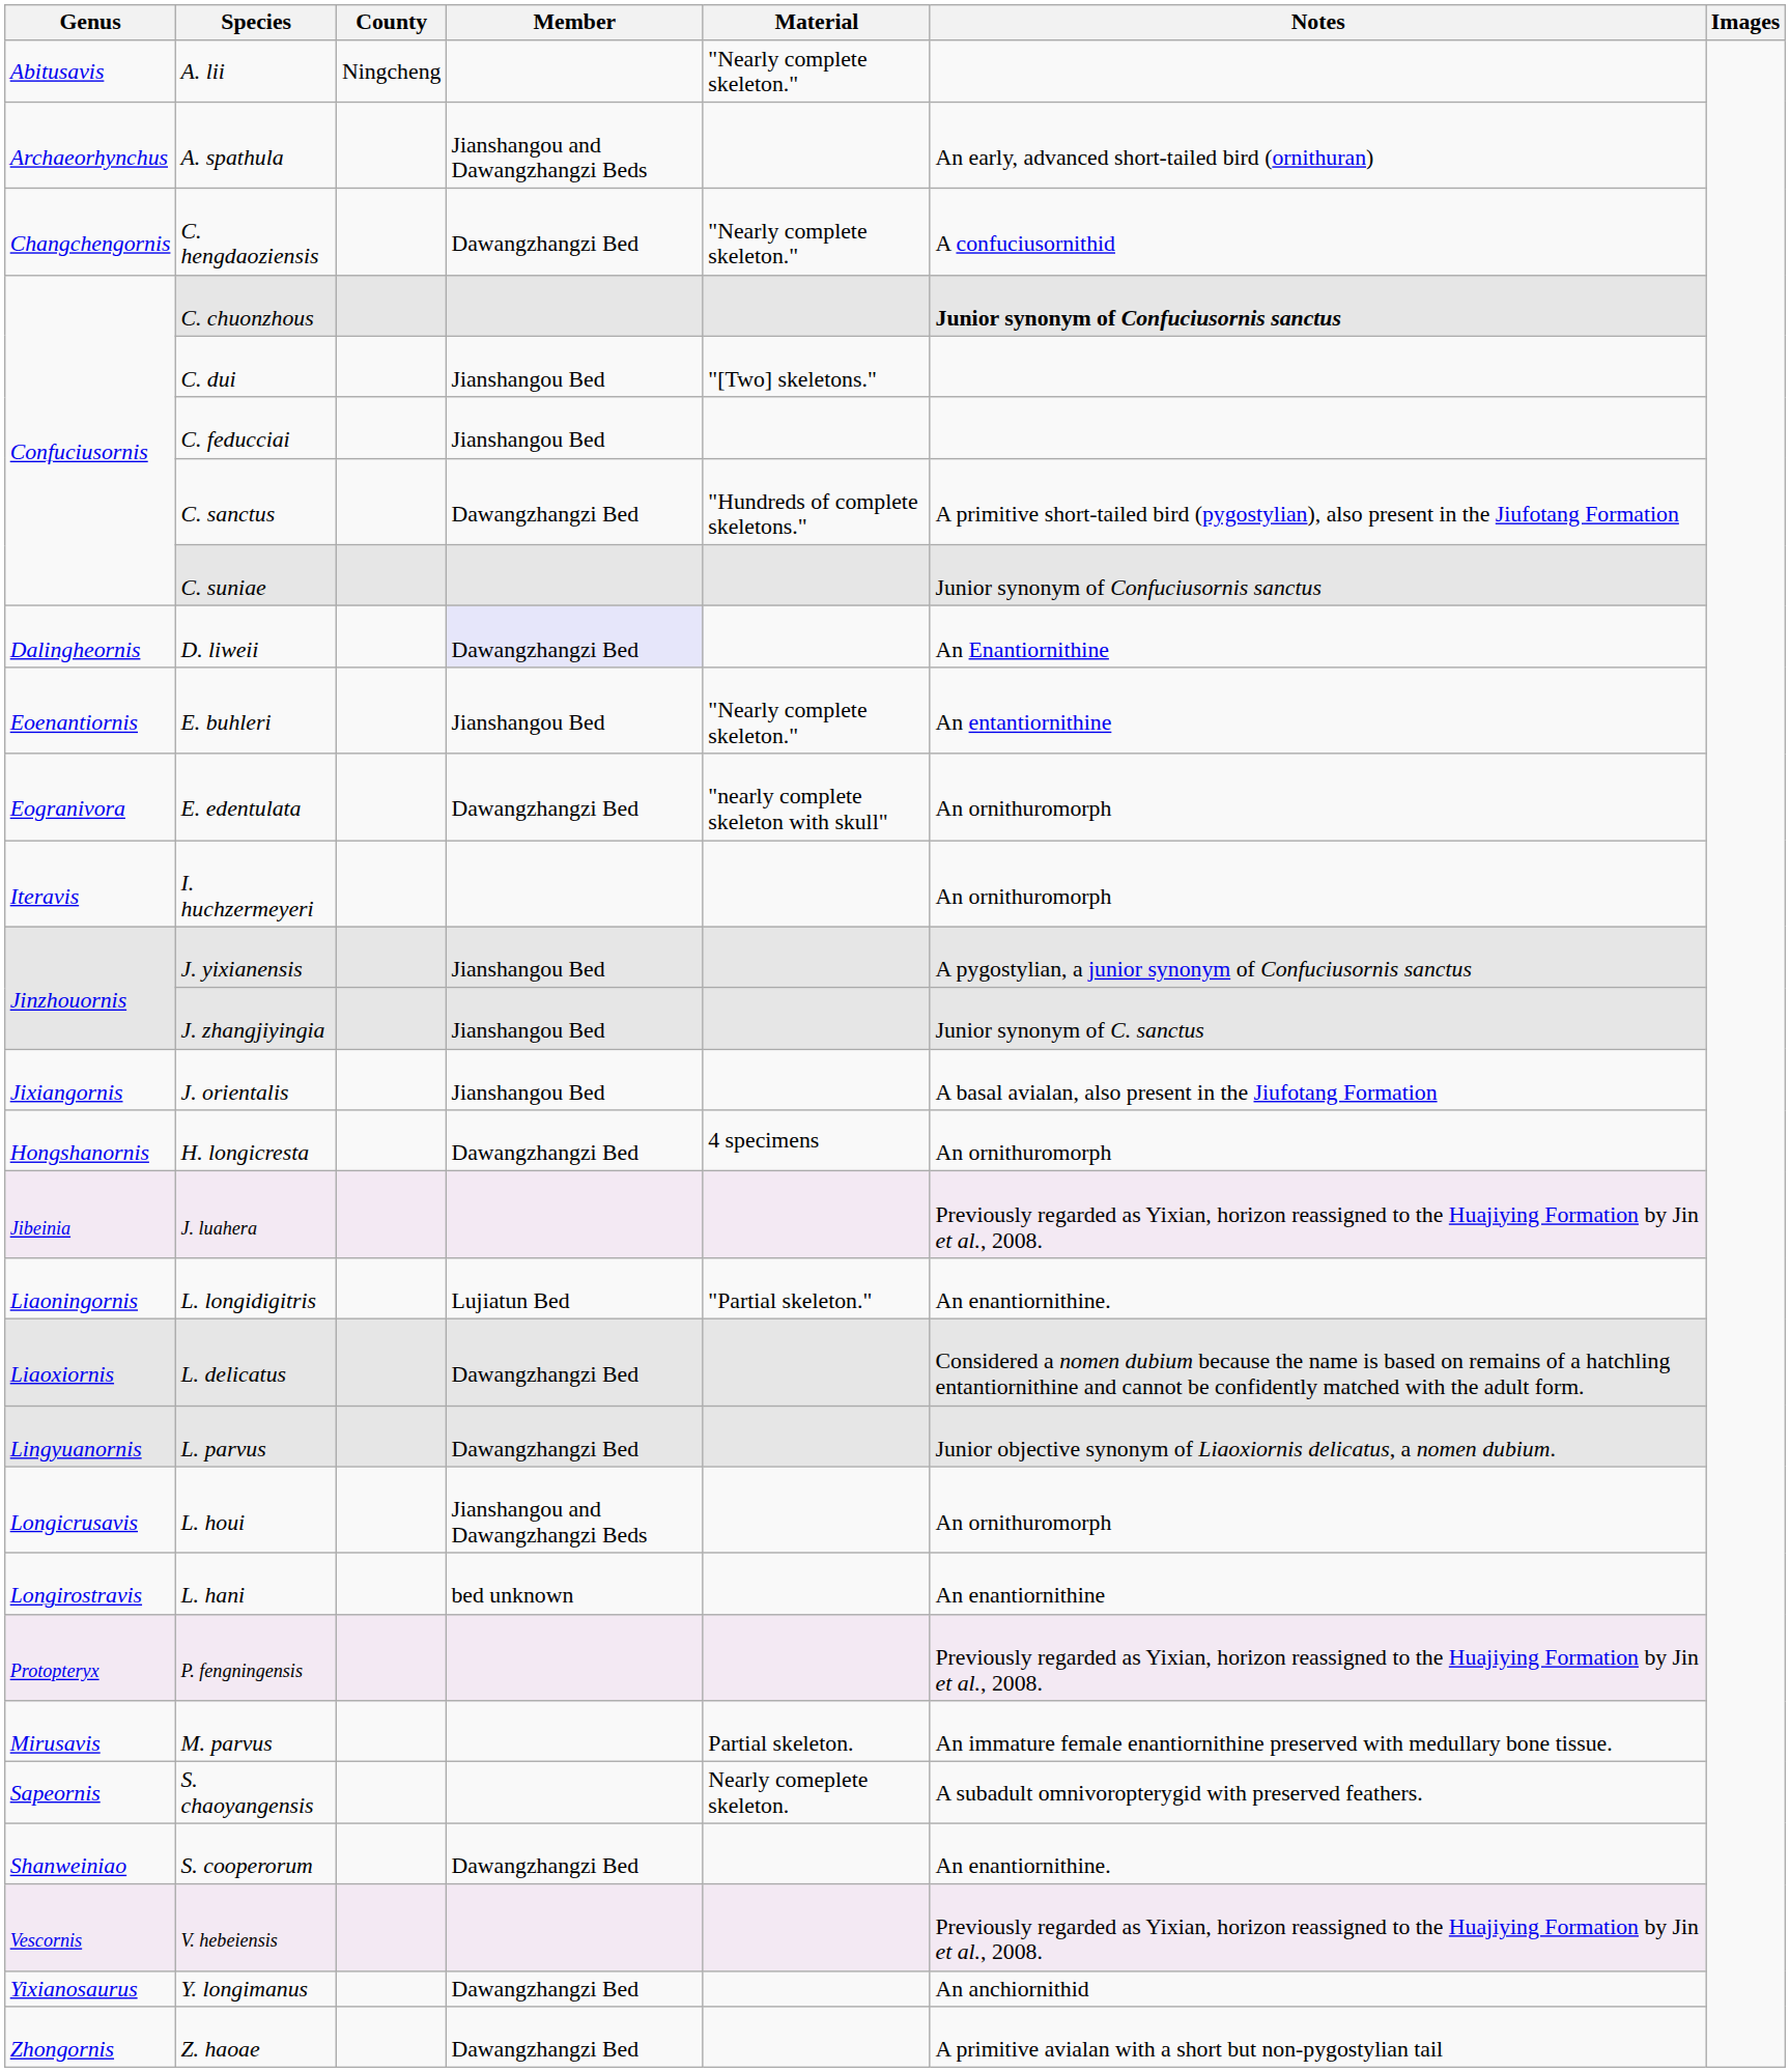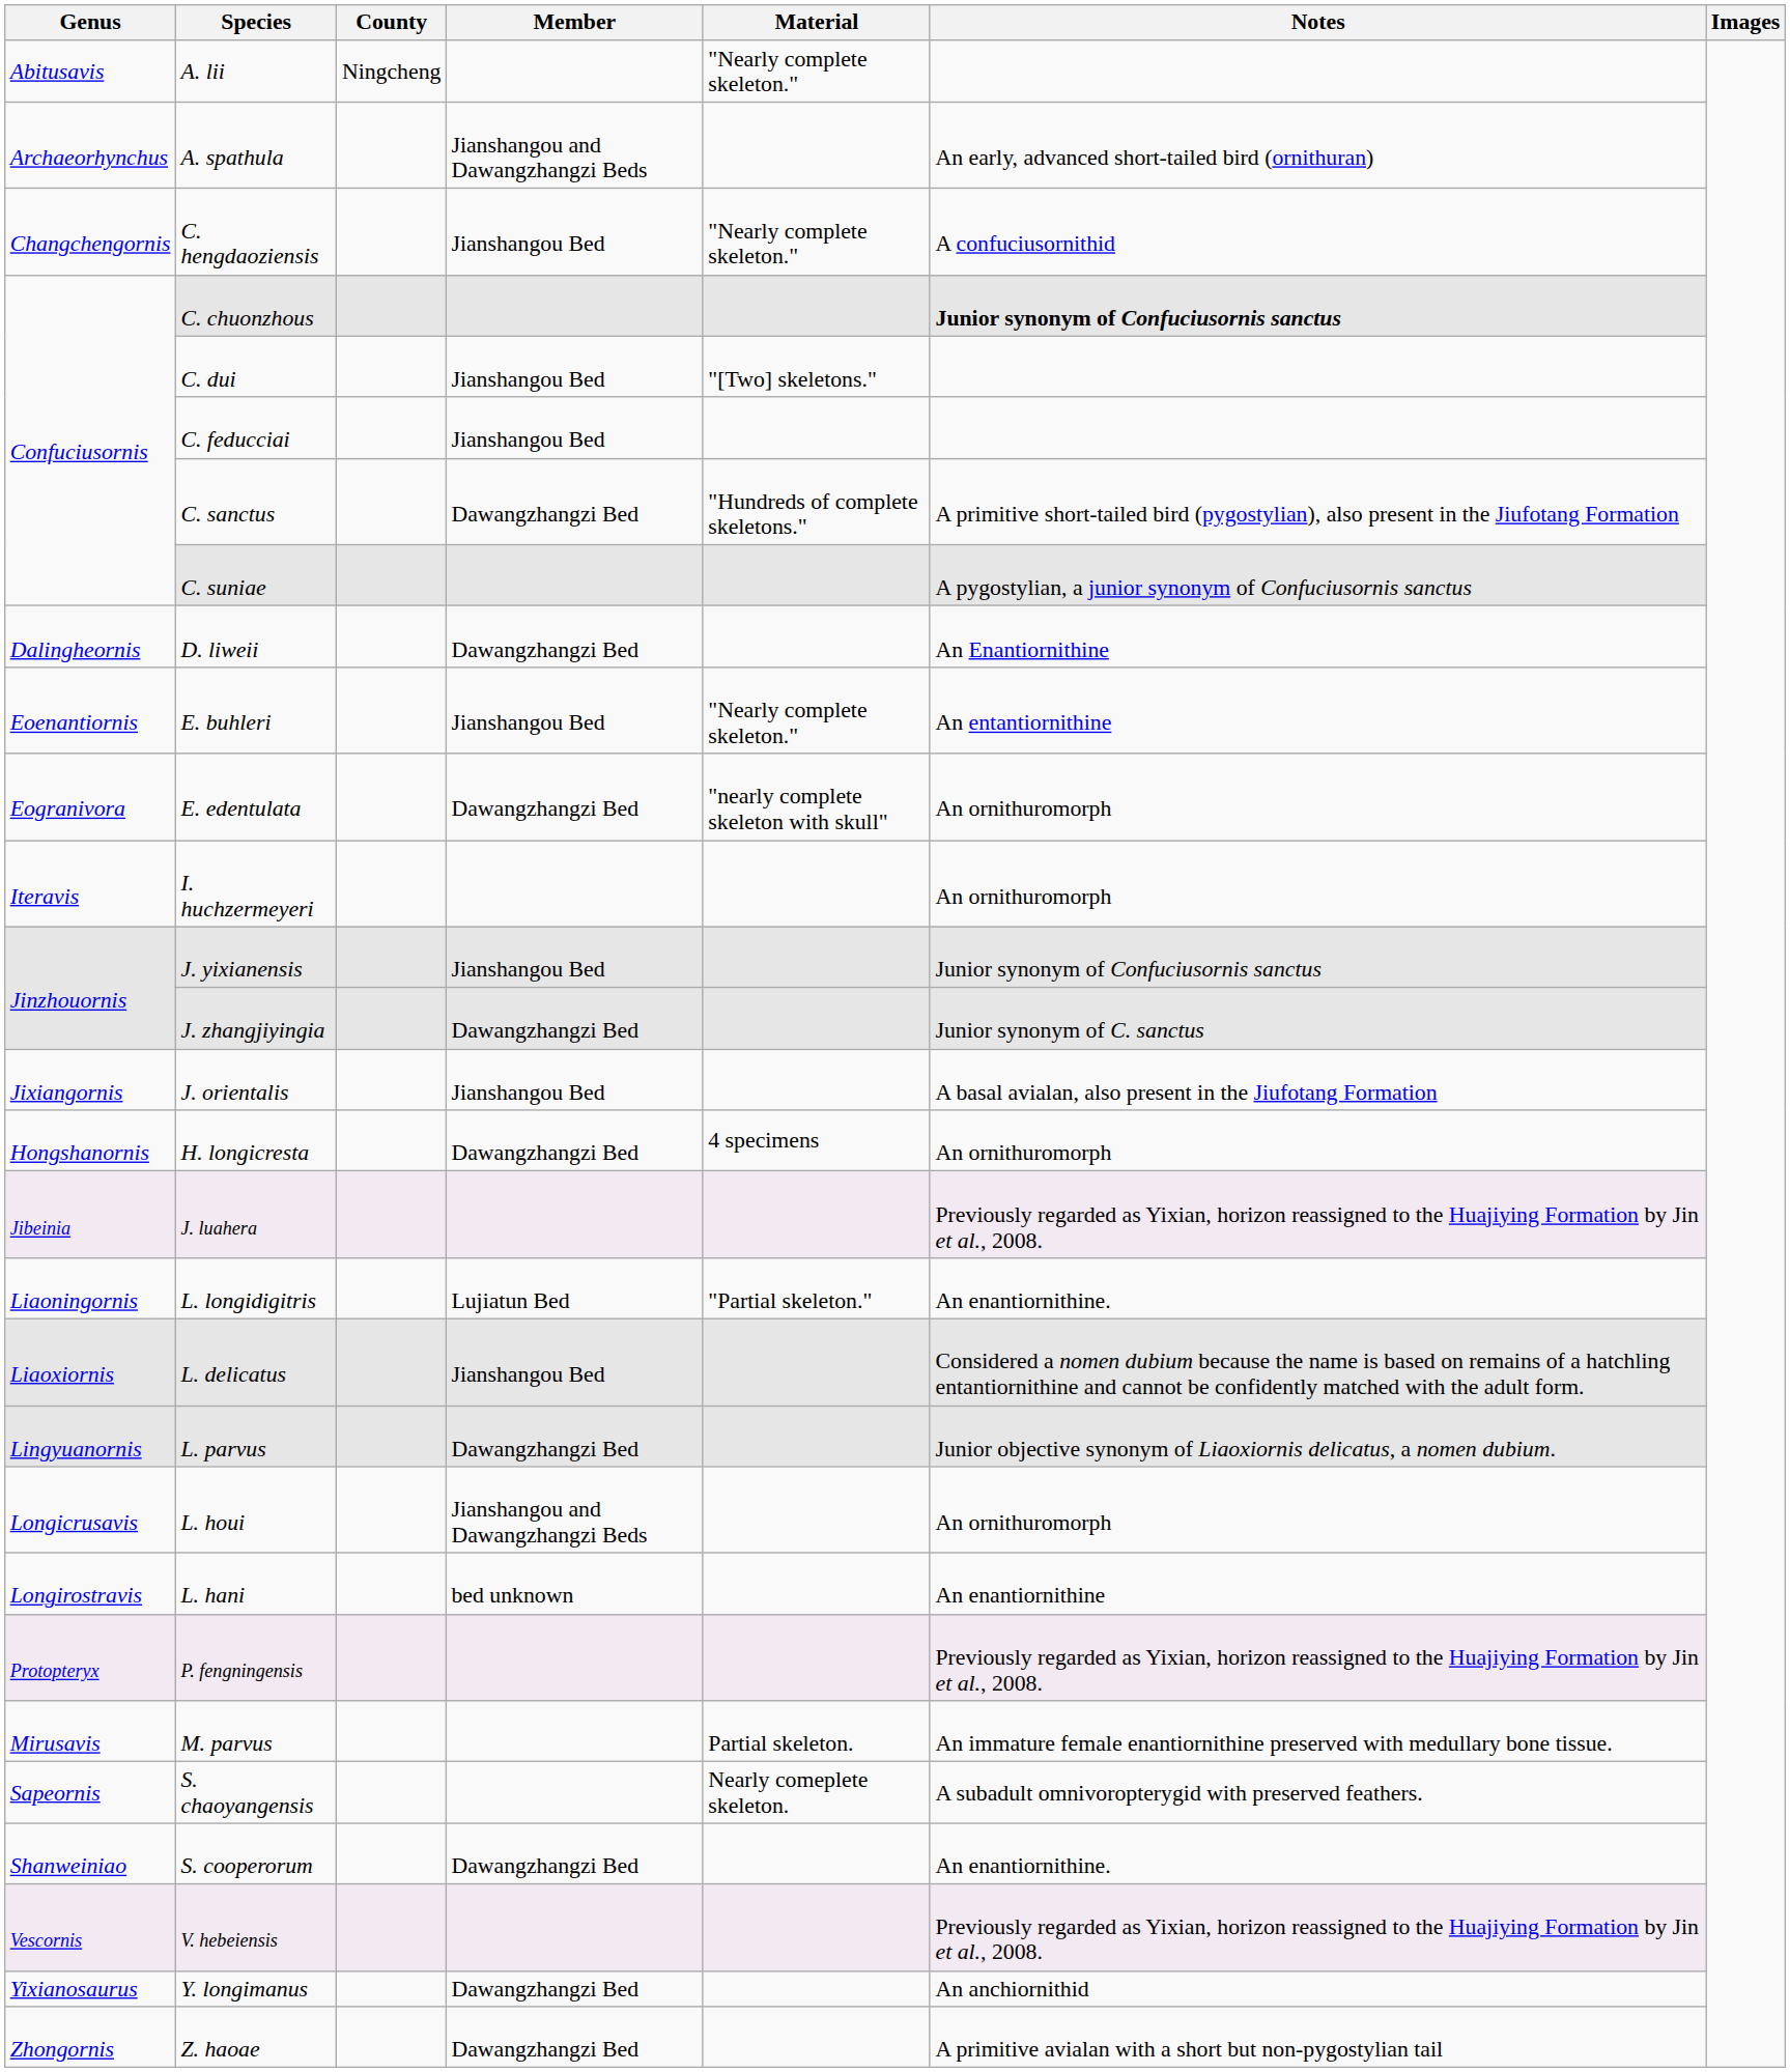 <table class="wikitable" align="center" width="100%">
 <tr>
 <th>Genus</th>
 <th>Species</th>
 <th>County</th>
 <th>Member</th>
 <th>Material</th>
 <th>Notes</th>
 <th>Images</th>
 </tr>
 <tr>
 <td><em><a href='#'>Abitusavis</a></em></td>
 <td><em>A. lii</em></td>
 <td>Ningcheng</td>
 <td></td>
 <td>"Nearly complete skeleton."</td>
 <td></td>
 <td rowspan="29"><br>      </td>
 </tr>
 <tr>
 <td><br><em><a href='#'>Archaeorhynchus</a></em></td>
 <td><br><em>A. spathula</em></td>
 <td></td>
 <td><br>Jianshangou and Dawangzhangzi Beds</td>
 <td></td>
 <td><br>An early, advanced short-tailed bird (<a href='#'>ornithuran</a>)</td>
 </tr>
 <tr>
 <td><br><em><a href='#'>Changchengornis</a></em></td>
 <td><br><em>C. hengdaoziensis</em></td>
 <td></td>
-<td><br>Dawangzhangzi Bed</td>
+<td><br>Jianshangou Bed</td>
 <td><br>"Nearly complete skeleton."</td>
 <td><br>A <a href='#'>confuciusornithid</a></td>
 </tr>
 <tr>
 <td rowspan="5"><br><em><a href='#'>Confuciusornis</a></em></td>
 <td style="background:#E6E6E6;"><br><em>C. chuonzhous</em></td>
 <td style="background:#E6E6E6;"></td>
 <td style="background:#E6E6E6;"></td>
 <td style="background:#E6E6E6;"></td>
 <td style="background:#E6E6E6;"><strong><br>Junior synonym of <em>Confuciusornis sanctus</em></strong></td>
 </tr>
 <tr>
 <td><br><em>C. dui</em></td>
 <td></td>
 <td><br>Jianshangou Bed</td>
 <td><br>"[Two] skeletons."</td>
 <td></td>
 </tr>
 <tr>
 <td><br><em>C. feducciai</em></td>
 <td></td>
 <td><br>Jianshangou Bed</td>
 <td></td>
 <td></td>
 </tr>
 <tr>
 <td><br><em>C. sanctus</em></td>
 <td></td>
 <td><br>Dawangzhangzi Bed</td>
 <td><br>"Hundreds of complete skeletons."</td>
 <td><br>A primitive short-tailed bird (<a href='#'>pygostylian</a>), also present in the <a href='#'>Jiufotang Formation</a></td>
 </tr>
 <tr>
 <td style="background:#E6E6E6;"><br><em>C. suniae</em></td>
 <td style="background:#E6E6E6;"></td>
 <td style="background:#E6E6E6;"></td>
 <td style="background:#E6E6E6;"></td>
-<td style="background:#E6E6E6;"><br>Junior synonym of <em>Confuciusornis sanctus</em></td>
+<td style="background:#E6E6E6;"><br>A pygostylian, a <a href='#'>junior synonym</a> of <em>Confuciusornis sanctus</em></td>
 </tr>
 <tr>
 <td><br><em><a href='#'>Dalingheornis</a></em></td>
 <td><br><em>D. liweii</em></td>
 <td></td>
-<td style="background: lavender;"><br>Dawangzhangzi Bed</td>
+<td><br>Dawangzhangzi Bed</td>
 <td></td>
 <td><br>An <a href='#'>Enantiornithine</a></td>
 </tr>
 <tr>
 <td><br><em><a href='#'>Eoenantiornis</a></em></td>
 <td><br><em>E. buhleri</em></td>
 <td></td>
 <td><br>Jianshangou Bed</td>
 <td><br>"Nearly complete skeleton."</td>
 <td><br>An <a href='#'>entantiornithine</a></td>
 </tr>
 <tr>
 <td><br><em><a href='#'>Eogranivora</a></em></td>
 <td><br><em>E. edentulata</em></td>
 <td></td>
 <td><br>Dawangzhangzi Bed</td>
 <td><br>"nearly complete skeleton with skull"</td>
 <td><br>An ornithuromorph</td>
 </tr>
 <tr>
 <td><br><em><a href='#'>Iteravis</a></em></td>
 <td><br><em>I. huchzermeyeri</em></td>
 <td></td>
 <td></td>
 <td></td>
 <td><br>An ornithuromorph</td>
 </tr>
 <tr>
 <td style="background:#E6E6E6;" rowspan="2"><br><em><a href='#'>Jinzhouornis</a></em></td>
 <td style="background:#E6E6E6;"><br><em>J. yixianensis</em></td>
 <td style="background:#E6E6E6;"></td>
 <td style="background:#E6E6E6;"><br>Jianshangou Bed</td>
 <td style="background:#E6E6E6;"></td>
-<td style="background:#E6E6E6;"><br>A pygostylian, a <a href='#'>junior synonym</a> of <em>Confuciusornis sanctus</em></td>
+<td style="background:#E6E6E6;"><br>Junior synonym of <em>Confuciusornis sanctus</em></td>
 </tr>
 <tr>
 <td style="background:#E6E6E6;"><br><em>J. zhangjiyingia</em></td>
 <td style="background:#E6E6E6;"></td>
-<td style="background:#E6E6E6;"><br>Jianshangou Bed</td>
+<td style="background:#E6E6E6;"><br>Dawangzhangzi Bed</td>
 <td style="background:#E6E6E6;"></td>
 <td style="background:#E6E6E6;"><br>Junior synonym of <em>C. sanctus</em></td>
 </tr>
 <tr>
 <td><br><em><a href='#'>Jixiangornis</a></em></td>
 <td><br><em>J. orientalis</em></td>
 <td></td>
 <td><br>Jianshangou Bed</td>
 <td></td>
 <td><br>A basal avialan, also present in the <a href='#'>Jiufotang Formation</a></td>
 </tr>
 <tr>
 <td><br><em><a href='#'>Hongshanornis</a></em></td>
 <td><br><em>H. longicresta</em></td>
 <td></td>
 <td><br>Dawangzhangzi Bed</td>
 <td>4 specimens</td>
 <td><br>An ornithuromorph</td>
 </tr>
 <tr>
 <td style="background:#f3e9f3;"><br><small><em><a href='#'>Jibeinia</a></em></small></td>
 <td style="background:#f3e9f3;"><br><small><em>J. luahera</em></small></td>
 <td style="background:#f3e9f3;"></td>
 <td style="background:#f3e9f3;"></td>
 <td style="background:#f3e9f3;"></td>
 <td style="background:#f3e9f3;"><br>Previously regarded as Yixian, horizon reassigned to the <a href='#'>Huajiying Formation</a> by Jin <em>et al.</em>, 2008.</td>
 </tr>
 <tr>
 <td><br><em><a href='#'>Liaoningornis</a></em></td>
 <td><br><em>L. longidigitris</em></td>
 <td></td>
 <td><br>Lujiatun Bed</td>
 <td><br>"Partial skeleton."</td>
 <td><br>An enantiornithine.</td>
 </tr>
 <tr>
 <td style="background:#E6E6E6;"><br><em><a href='#'>Liaoxiornis</a></em></td>
 <td style="background:#E6E6E6;"><br><em>L. delicatus</em></td>
 <td style="background:#E6E6E6;"></td>
-<td style="background:#E6E6E6;"><br>Dawangzhangzi Bed</td>
+<td style="background:#E6E6E6;"><br>Jianshangou Bed</td>
 <td style="background:#E6E6E6;"></td>
 <td style="background:#E6E6E6;"><br>Considered a <em>nomen dubium</em> because the name is based on remains of a hatchling entantiornithine and cannot be confidently matched with the adult form.</td>
 </tr>
 <tr>
 <td style="background:#E6E6E6;"><br><em><a href='#'>Lingyuanornis</a></em></td>
 <td style="background:#E6E6E6;"><br><em>L. parvus</em></td>
 <td style="background:#E6E6E6;"></td>
 <td style="background:#E6E6E6;"><br>Dawangzhangzi Bed</td>
 <td style="background:#E6E6E6;"></td>
 <td style="background:#E6E6E6;"><br>Junior objective synonym of <em>Liaoxiornis delicatus</em>, a <em>nomen dubium</em>.</td>
 </tr>
 <tr>
 <td><br><em><a href='#'>Longicrusavis</a></em></td>
 <td><br><em>L. houi</em></td>
 <td></td>
 <td><br>Jianshangou and Dawangzhangzi Beds</td>
 <td></td>
 <td><br>An ornithuromorph</td>
 </tr>
 <tr>
 <td><br><em><a href='#'>Longirostravis</a></em></td>
 <td><br><em>L. hani</em></td>
 <td></td>
 <td><br>bed unknown</td>
 <td></td>
 <td><br>An enantiornithine</td>
 </tr>
 <tr>
 <td style="background:#f3e9f3;"><br><small><em><a href='#'>Protopteryx</a></em></small></td>
 <td style="background:#f3e9f3;"><br><small><em>P. fengningensis</em></small></td>
 <td style="background:#f3e9f3;"></td>
 <td style="background:#f3e9f3;"></td>
 <td style="background:#f3e9f3;"></td>
 <td style="background:#f3e9f3;"><br>Previously regarded as Yixian, horizon reassigned to the <a href='#'>Huajiying Formation</a> by Jin <em>et al.</em>, 2008.</td>
 </tr>
 <tr>
 <td><br><em><a href='#'>Mirusavis</a></em></td>
 <td><br><em>M. parvus</em></td>
 <td></td>
 <td></td>
 <td><br>Partial skeleton.</td>
 <td><br>An immature female enantiornithine preserved with medullary bone tissue.</td>
 </tr>
 <tr>
 <td><em><a href='#'>Sapeornis</a></em></td>
 <td><em>S. chaoyangensis</em></td>
 <td></td>
 <td></td>
 <td>Nearly comeplete skeleton.</td>
 <td>A subadult omnivoropterygid with preserved feathers.</td>
 </tr>
 <tr>
 <td><br><em><a href='#'>Shanweiniao</a></em></td>
 <td><br><em>S. cooperorum</em></td>
 <td></td>
 <td><br>Dawangzhangzi Bed</td>
 <td></td>
 <td><br>An enantiornithine.</td>
 </tr>
 <tr>
 <td style="background:#f3e9f3;"><br><small><em><a href='#'>Vescornis</a></em></small></td>
 <td style="background:#f3e9f3;"><br><small><em>V. hebeiensis</em></small></td>
 <td style="background:#f3e9f3;"></td>
 <td style="background:#f3e9f3;"></td>
 <td style="background:#f3e9f3;"></td>
 <td style="background:#f3e9f3;"><br>Previously regarded as Yixian, horizon reassigned to the <a href='#'>Huajiying Formation</a> by Jin <em>et al.</em>, 2008.</td>
 </tr>
 <tr>
 <td><em><a href='#'>Yixianosaurus</a></em></td>
 <td><em>Y. longimanus</em></td>
 <td></td>
 <td>Dawangzhangzi Bed</td>
 <td></td>
 <td>An anchiornithid</td>
 </tr>
 <tr>
 <td><br><em><a href='#'>Zhongornis</a></em></td>
 <td><br><em>Z. haoae</em></td>
 <td></td>
 <td><br>Dawangzhangzi Bed</td>
 <td></td>
 <td><br>A primitive avialan with a short but non-pygostylian tail</td>
 </tr>
 </table>
